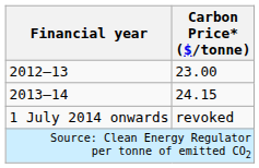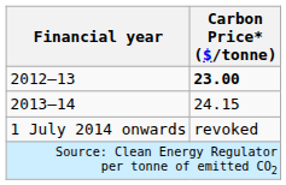 <table class="wikitable" style="float: right;" border="1">
 <tr>
 <th>Financial year</th>
 <th>Carbon<br>Price* <br>(<a href='#'>$</a>/tonne)</th>
 </tr>
 <tr>
 <td>2012–13</td>
-<td>23.00</td>
+<td><strong>23.00</strong></td>
 </tr>
 <tr>
 <td>2013–14</td>
 <td>24.15</td>
 </tr>
 <tr>
 <td>1 July 2014 onwards</td>
 <td>revoked</td>
 </tr>
 <tr>
 <td colspan="2" style="font-size:80%; background:#cef; text-align:right;">Source: Clean Energy Regulator<br> per tonne of emitted CO<sub>2</sub></td>
 </tr>
 </table>
